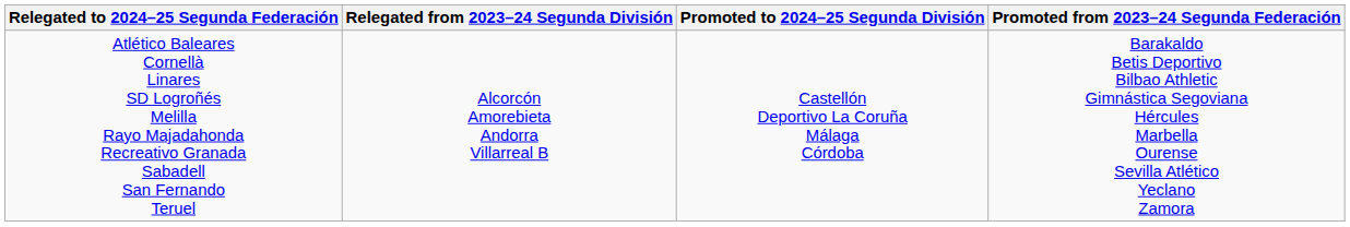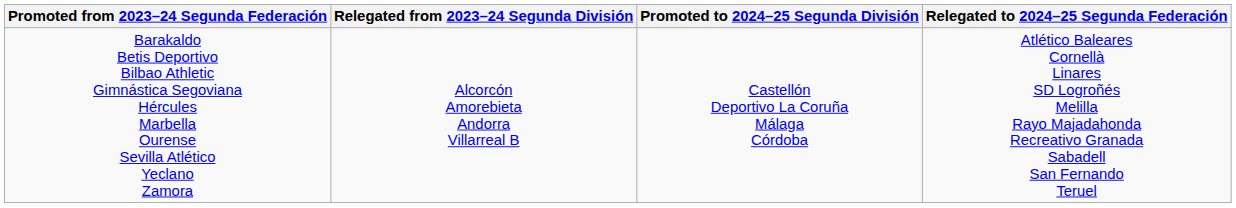 <table class="wikitable" style="text-align:center;">
 <tr>
-<th>Relegated to <a href='#'>2024–25 Segunda Federación</a></th>
+<th>Promoted from <a href='#'>2023–24 Segunda Federación</a></th>
 <th>Relegated from <a href='#'>2023–24 Segunda División</a></th>
 <th>Promoted to <a href='#'>2024–25 Segunda División</a></th>
-<th>Promoted from <a href='#'>2023–24 Segunda Federación</a></th>
+<th>Relegated to <a href='#'>2024–25 Segunda Federación</a></th>
 </tr>
 <tr>
-<td><a href='#'>Atlético Baleares</a> <br> <a href='#'>Cornellà</a> <br> <a href='#'>Linares</a> <br> <a href='#'>SD Logroñés</a> <br> <a href='#'>Melilla</a> <br> <a href='#'>Rayo Majadahonda</a> <br> <a href='#'>Recreativo Granada</a> <br> <a href='#'>Sabadell</a> <br> <a href='#'>San Fernando</a> <br> <a href='#'>Teruel</a></td>
+<td><a href='#'>Barakaldo</a> <br> <a href='#'>Betis Deportivo</a><br> <a href='#'>Bilbao Athletic</a> <br> <a href='#'>Gimnástica Segoviana</a> <br> <a href='#'>Hércules</a> <br> <a href='#'>Marbella</a> <br> <a href='#'>Ourense</a> <br> <a href='#'>Sevilla Atlético</a> <br> <a href='#'>Yeclano</a> <br> <a href='#'>Zamora</a></td>
 <td><a href='#'>Alcorcón</a><br> <a href='#'>Amorebieta</a><br> <a href='#'>Andorra</a><br> <a href='#'>Villarreal B</a></td>
 <td><a href='#'>Castellón</a>  <br> <a href='#'>Deportivo La Coruña</a> <br> <a href='#'>Málaga</a> <br> <a href='#'>Córdoba</a></td>
-<td><a href='#'>Barakaldo</a> <br> <a href='#'>Betis Deportivo</a><br> <a href='#'>Bilbao Athletic</a> <br> <a href='#'>Gimnástica Segoviana</a> <br> <a href='#'>Hércules</a> <br> <a href='#'>Marbella</a> <br> <a href='#'>Ourense</a> <br> <a href='#'>Sevilla Atlético</a> <br> <a href='#'>Yeclano</a> <br> <a href='#'>Zamora</a></td>
+<td><a href='#'>Atlético Baleares</a> <br> <a href='#'>Cornellà</a> <br> <a href='#'>Linares</a> <br> <a href='#'>SD Logroñés</a> <br> <a href='#'>Melilla</a> <br> <a href='#'>Rayo Majadahonda</a> <br> <a href='#'>Recreativo Granada</a> <br> <a href='#'>Sabadell</a> <br> <a href='#'>San Fernando</a> <br> <a href='#'>Teruel</a></td>
 </tr>
 </table>
